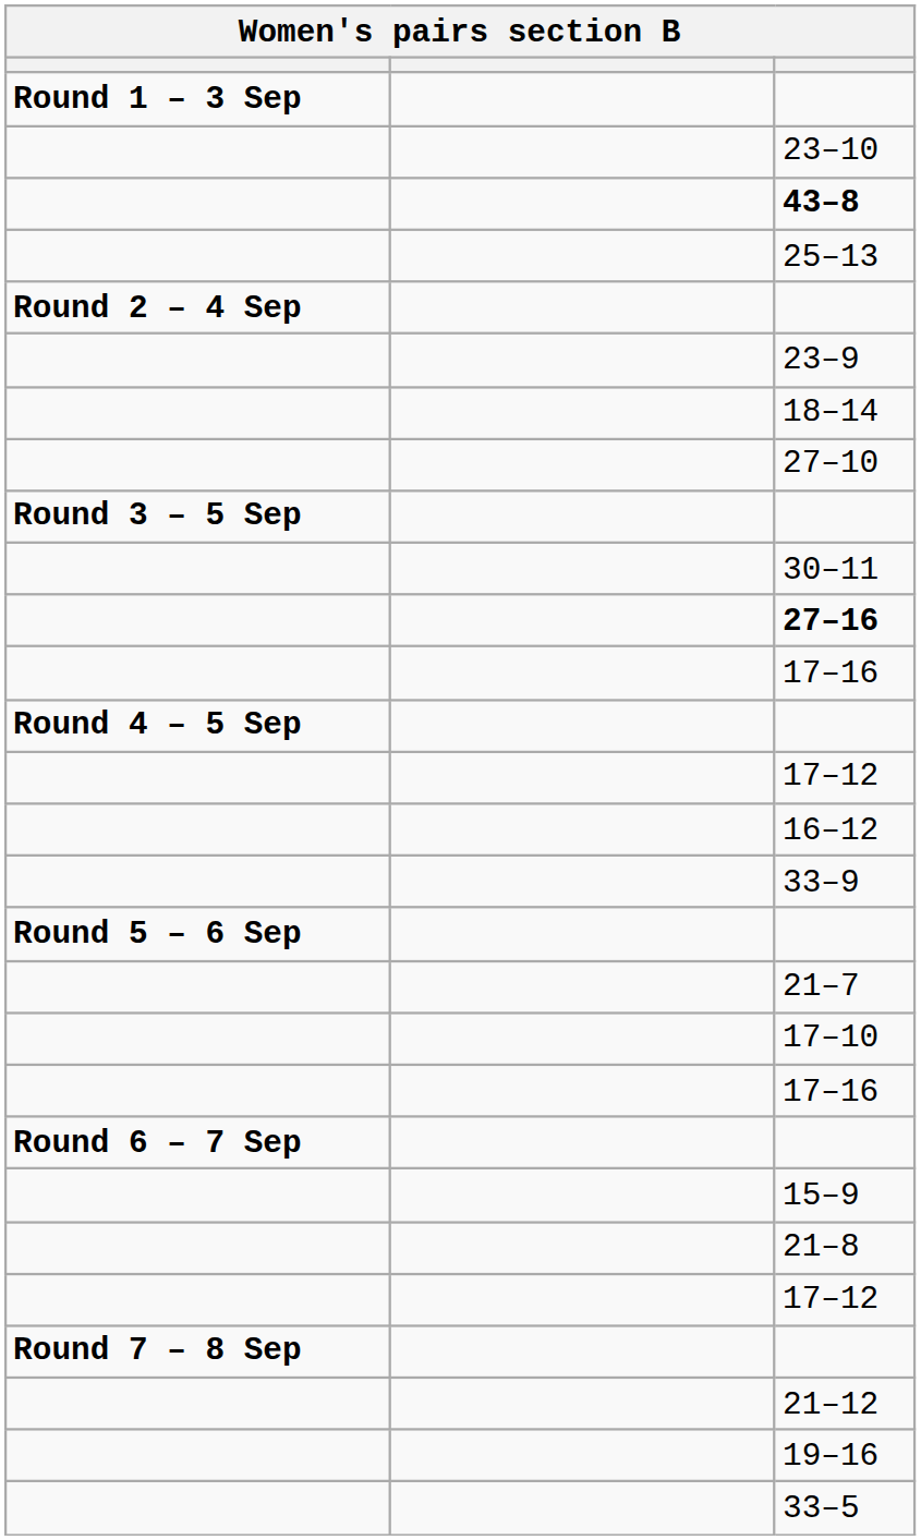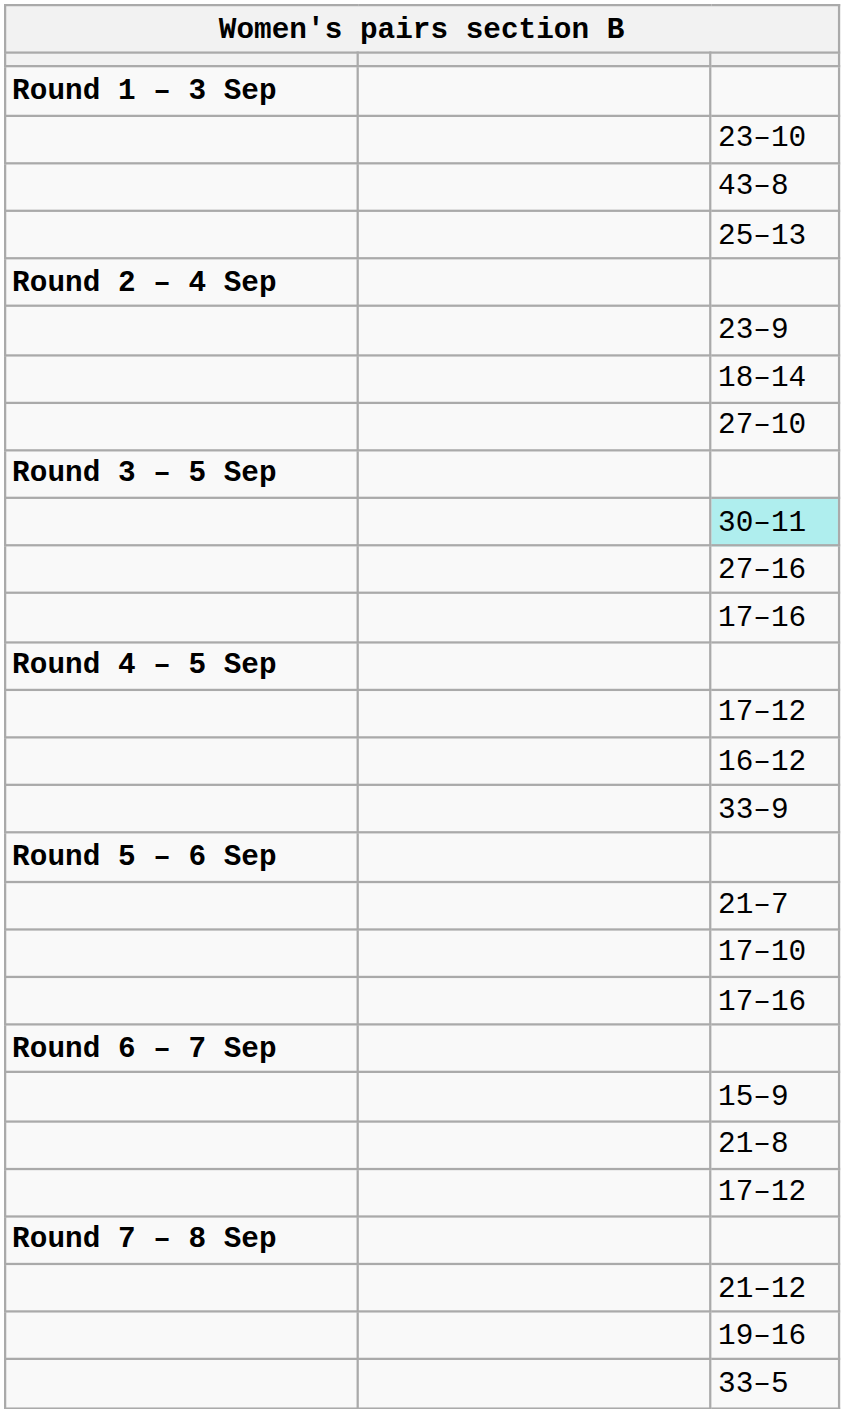 <table class="wikitable">
 <tr>
 <th colspan="3">Women's pairs section B</th>
 </tr>
 <tr>
 <th width=150></th>
 <th width=150></th>
 <th width=50></th>
 </tr>
 <tr>
 <td><strong>Round 1 – 3 Sep</strong></td>
 <td></td>
 <td></td>
 </tr>
 <tr>
 <td></td>
 <td></td>
 <td>23–10</td>
 </tr>
 <tr>
 <td></td>
 <td></td>
-<td><strong>43–8</strong></td>
+<td>43–8</td>
 </tr>
 <tr>
 <td></td>
 <td></td>
 <td>25–13</td>
 </tr>
 <tr>
 <td><strong>Round 2 – 4 Sep</strong></td>
 <td></td>
 <td></td>
 </tr>
 <tr>
 <td></td>
 <td></td>
 <td>23–9</td>
 </tr>
 <tr>
 <td></td>
 <td></td>
 <td>18–14</td>
 </tr>
 <tr>
 <td></td>
 <td></td>
 <td>27–10</td>
 </tr>
 <tr>
 <td><strong>Round 3 – 5 Sep</strong></td>
 <td></td>
 <td></td>
 </tr>
 <tr>
 <td></td>
 <td></td>
-<td>30–11</td>
+<td style="background: paleturquoise;">30–11</td>
 </tr>
 <tr>
 <td></td>
 <td></td>
-<td><strong>27–16</strong></td>
+<td>27–16</td>
 </tr>
 <tr>
 <td></td>
 <td></td>
 <td>17–16</td>
 </tr>
 <tr>
 <td><strong>Round 4 – 5 Sep</strong></td>
 <td></td>
 <td></td>
 </tr>
 <tr>
 <td></td>
 <td></td>
 <td>17–12</td>
 </tr>
 <tr>
 <td></td>
 <td></td>
 <td>16–12</td>
 </tr>
 <tr>
 <td></td>
 <td></td>
 <td>33–9</td>
 </tr>
 <tr>
 <td><strong>Round 5 – 6 Sep</strong></td>
 <td></td>
 <td></td>
 </tr>
 <tr>
 <td></td>
 <td></td>
 <td>21–7</td>
 </tr>
 <tr>
 <td></td>
 <td></td>
 <td>17–10</td>
 </tr>
 <tr>
 <td></td>
 <td></td>
 <td>17–16</td>
 </tr>
 <tr>
 <td><strong>Round 6  – 7 Sep</strong></td>
 <td></td>
 <td></td>
 </tr>
 <tr>
 <td></td>
 <td></td>
 <td>15–9</td>
 </tr>
 <tr>
 <td></td>
 <td></td>
 <td>21–8</td>
 </tr>
 <tr>
 <td></td>
 <td></td>
 <td>17–12</td>
 </tr>
 <tr>
 <td><strong>Round 7 – 8 Sep</strong></td>
 <td></td>
 <td></td>
 </tr>
 <tr>
 <td></td>
 <td></td>
 <td>21–12</td>
 </tr>
 <tr>
 <td></td>
 <td></td>
 <td>19–16</td>
 </tr>
 <tr>
 <td></td>
 <td></td>
 <td>33–5</td>
 </tr>
 </table>
